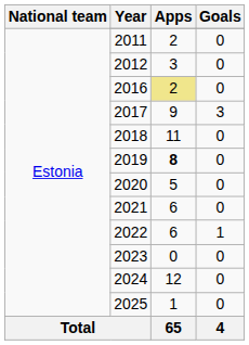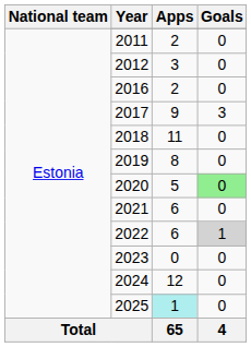 <table class="wikitable" style="text-align:center">
 <tr>
 <th>National team</th>
 <th>Year</th>
 <th>Apps</th>
 <th>Goals</th>
 </tr>
 <tr>
 <td rowspan=13><a href='#'>Estonia</a></td>
 </tr>
 <tr>
 <td>2011</td>
 <td>2</td>
 <td>0</td>
 </tr>
 <tr>
 <td>2012</td>
 <td>3</td>
 <td>0</td>
 </tr>
 <tr>
 <td>2016</td>
-<td style="background: khaki;">2</td>
+<td>2</td>
 <td>0</td>
 </tr>
 <tr>
 <td>2017</td>
 <td>9</td>
 <td>3</td>
 </tr>
 <tr>
 <td>2018</td>
 <td>11</td>
 <td>0</td>
 </tr>
 <tr>
 <td>2019</td>
-<td><strong>8</strong></td>
+<td>8</td>
 <td>0</td>
 </tr>
 <tr>
 <td>2020</td>
 <td>5</td>
-<td>0</td>
+<td style="background: lightgreen;">0</td>
 </tr>
 <tr>
 <td>2021</td>
 <td>6</td>
 <td>0</td>
 </tr>
 <tr>
 <td>2022</td>
 <td>6</td>
-<td>1</td>
+<td style="background: lightgrey;">1</td>
 </tr>
 <tr>
 <td>2023</td>
 <td>0</td>
 <td>0</td>
 </tr>
 <tr>
 <td>2024</td>
 <td>12</td>
 <td>0</td>
 </tr>
 <tr>
 <td>2025</td>
-<td>1</td>
+<td style="background: paleturquoise;">1</td>
 <td>0</td>
 </tr>
 <tr>
 <th colspan=2>Total</th>
 <th>65</th>
 <th>4</th>
 </tr>
 </table>
